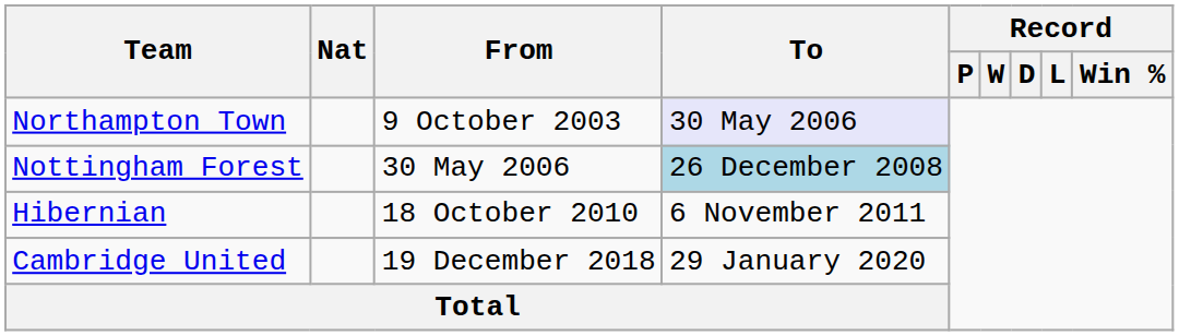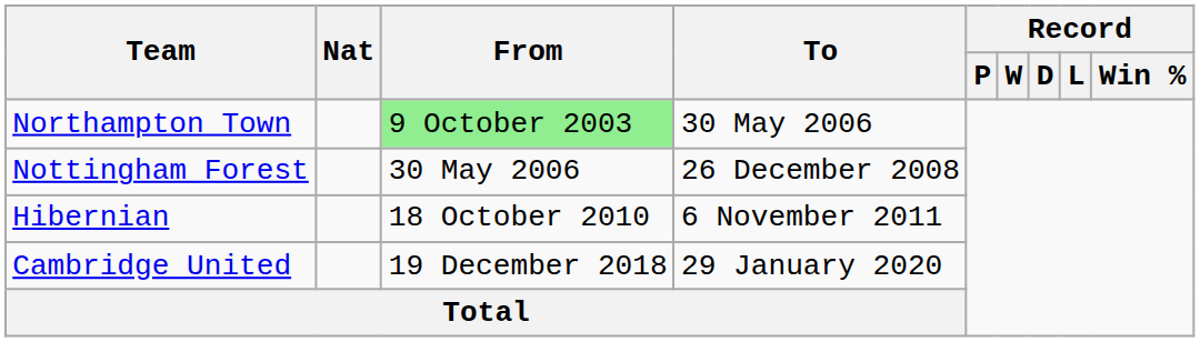 <table class="wikitable" style="text-align:center">
 <tr>
 <th rowspan="2">Team</th>
 <th rowspan="2">Nat</th>
 <th rowspan="2">From</th>
 <th rowspan="2">To</th>
 <th colspan="5">Record</th>
 </tr>
 <tr>
 <th>P</th>
 <th>W</th>
 <th>D</th>
 <th>L</th>
 <th>Win %</th>
 </tr>
 <tr>
 <td align=left><a href='#'>Northampton Town</a></td>
 <td></td>
-<td align=left>9 October 2003</td>
-<td align=left style="background: lavender;">30 May 2006<br></td>
+<td align=left style="background: lightgreen;">9 October 2003</td>
+<td align=left>30 May 2006<br></td>
 </tr>
 <tr>
 <td align=left><a href='#'>Nottingham Forest</a></td>
 <td></td>
 <td align=left>30 May 2006</td>
-<td align=left style="background: lightblue;">26 December 2008<br></td>
+<td align=left>26 December 2008<br></td>
 </tr>
 <tr>
 <td align=left><a href='#'>Hibernian</a></td>
 <td></td>
 <td align=left>18 October 2010</td>
 <td align=left>6 November 2011<br></td>
 </tr>
 <tr>
 <td align=left><a href='#'>Cambridge United</a></td>
 <td></td>
 <td align=left>19 December 2018</td>
 <td align=left>29 January 2020<br></td>
 </tr>
 <tr>
 <th colspan="4">Total<br></th>
 </tr>
 </table>
